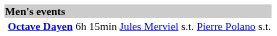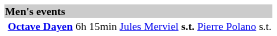 <table>
 <tr bgcolor="#cccccc">
 <td colspan=7><strong>Men's events</strong></td>
 </tr>
 <tr>
 <td><br></td>
 <td><strong><a href='#'>Octave Dayen</a></strong><br><small></small></td>
 <td align=right>6h 15min</td>
 <td><a href='#'>Jules Merviel</a><br><small></small></td>
-<td align=right>s.t.</td>
+<td align=right><strong>s.t.</strong></td>
 <td><a href='#'>Pierre Polano</a><br><small></small></td>
 <td align=right>s.t.</td>
 </tr>
 </table>
